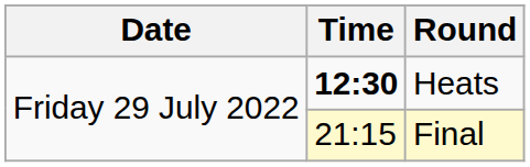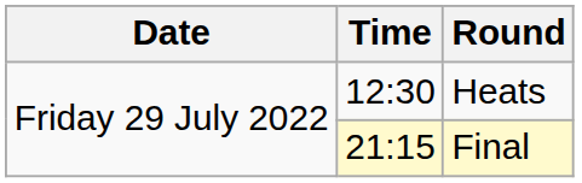 <table class="wikitable">
 <tr>
 <th>Date</th>
 <th>Time</th>
 <th>Round</th>
 </tr>
 <tr>
 <td rowspan=2>Friday 29 July 2022</td>
-<td><strong>12:30</strong></td>
+<td>12:30</td>
 <td>Heats</td>
 </tr>
 <tr>
 <td style=background:lemonchiffon>21:15</td>
 <td style=background:lemonchiffon>Final</td>
 </tr>
 </table>
